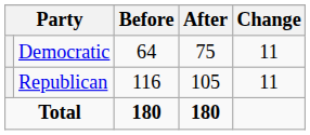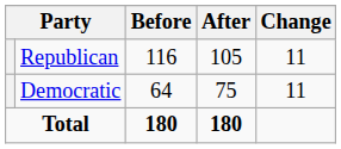 <table class="wikitable" style="text-align:center;">
 <tr>
 </tr>
 <tr>
 <th colspan=2>Party</th>
 <th>Before</th>
 <th>After</th>
 <th>Change</th>
 </tr>
 <tr>
 <th style="background-color:"></th>
-<td style="text-align:left;"><a href='#'>Democratic</a></td>
-<td>64</td>
-<td>75</td>
+<td style="text-align:left;"><a href='#'>Republican</a></td>
+<td>116</td>
+<td>105</td>
 <td> 11</td>
 </tr>
 <tr>
 <th style="background-color:"></th>
-<td style="text-align:left;"><a href='#'>Republican</a></td>
-<td>116</td>
-<td>105</td>
+<td style="text-align:left;"><a href='#'>Democratic</a></td>
+<td>64</td>
+<td>75</td>
 <td> 11</td>
 </tr>
 <tr>
 <td colspan=2><strong>Total</strong></td>
 <td><strong>180</strong></td>
 <td><strong>180</strong></td>
 <td></td>
 </tr>
 </table>
